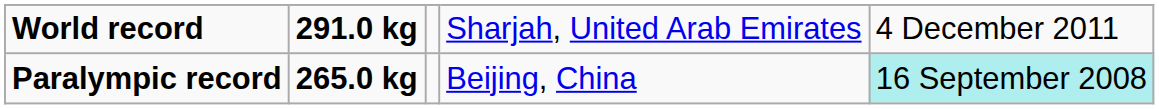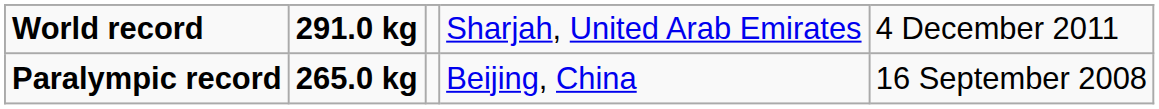 <table class="wikitable">
 <tr>
 <td><strong>World record</strong></td>
 <td><strong>291.0 kg</strong></td>
 <td></td>
 <td><a href='#'>Sharjah</a>, <a href='#'>United Arab Emirates</a></td>
 <td>4 December 2011</td>
 </tr>
 <tr>
 <td><strong>Paralympic record</strong></td>
 <td><strong>265.0 kg</strong></td>
 <td></td>
 <td><a href='#'>Beijing</a>, <a href='#'>China</a></td>
-<td style="background: paleturquoise;">16 September 2008</td>
+<td>16 September 2008</td>
 </tr>
 </table>
